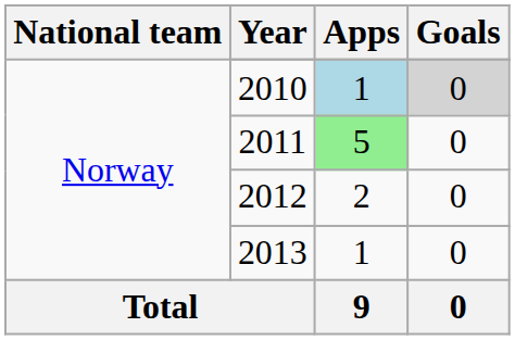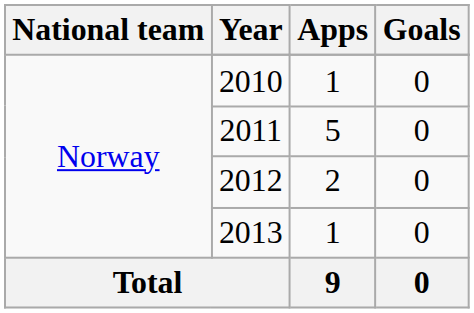 <table class="wikitable" style="text-align:center">
 <tr>
 <th>National team</th>
 <th>Year</th>
 <th>Apps</th>
 <th>Goals</th>
 </tr>
 <tr>
 <td rowspan=5><a href='#'>Norway</a></td>
 </tr>
 <tr>
 <td>2010</td>
-<td style="background: lightblue;">1</td>
-<td style="background: lightgrey;">0</td>
+<td>1</td>
+<td>0</td>
 </tr>
 <tr>
 <td>2011</td>
-<td style="background: lightgreen;">5</td>
+<td>5</td>
 <td>0</td>
 </tr>
 <tr>
 <td>2012</td>
 <td>2</td>
 <td>0</td>
 </tr>
 <tr>
 <td>2013</td>
 <td>1</td>
 <td>0</td>
 </tr>
 <tr>
 <th colspan=2>Total</th>
 <th>9</th>
 <th>0</th>
 </tr>
 </table>
